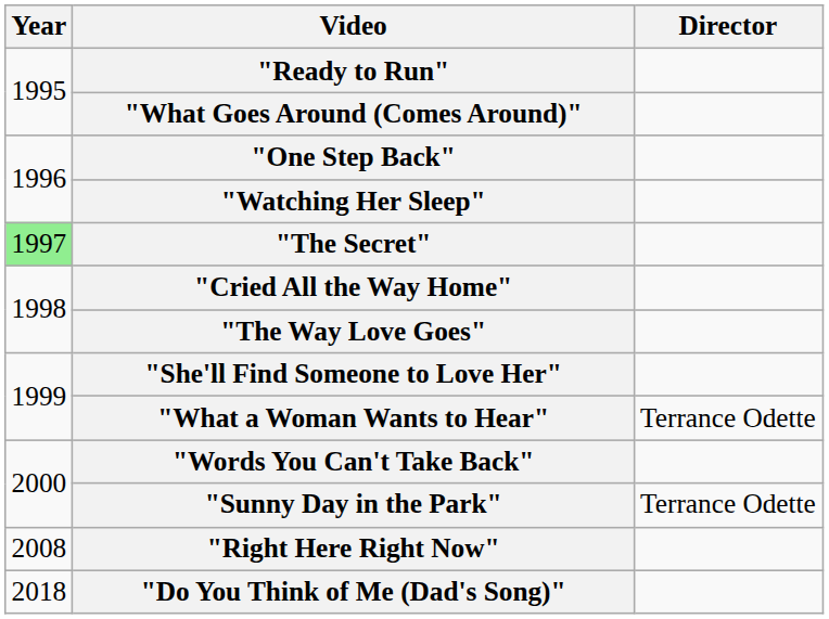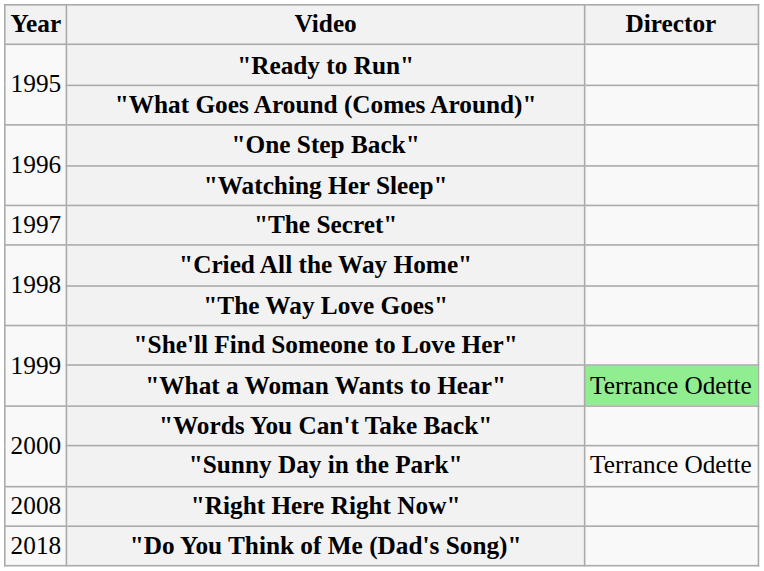 <table class="wikitable plainrowheaders">
 <tr>
 <th>Year</th>
 <th style="width:20em;">Video</th>
 <th>Director</th>
 </tr>
 <tr>
 <td rowspan="2">1995</td>
 <th scope="row">"Ready to Run"</th>
 <td></td>
 </tr>
 <tr>
 <th scope="row">"What Goes Around (Comes Around)"</th>
 <td></td>
 </tr>
 <tr>
 <td rowspan="2">1996</td>
 <th scope="row">"One Step Back"</th>
 <td></td>
 </tr>
 <tr>
 <th scope="row">"Watching Her Sleep"</th>
 <td></td>
 </tr>
 <tr>
-<td style="background: lightgreen;">1997</td>
+<td>1997</td>
 <th scope="row">"The Secret"</th>
 <td></td>
 </tr>
 <tr>
 <td rowspan="2">1998</td>
 <th scope="row">"Cried All the Way Home"</th>
 <td></td>
 </tr>
 <tr>
 <th scope="row">"The Way Love Goes"</th>
 <td></td>
 </tr>
 <tr>
 <td rowspan="2">1999</td>
 <th scope="row">"She'll Find Someone to Love Her"</th>
 <td></td>
 </tr>
 <tr>
 <th scope="row">"What a Woman Wants to Hear"</th>
-<td>Terrance Odette</td>
+<td style="background: lightgreen;">Terrance Odette</td>
 </tr>
 <tr>
 <td rowspan="2">2000</td>
 <th scope="row">"Words You Can't Take Back"</th>
 <td></td>
 </tr>
 <tr>
 <th scope="row">"Sunny Day in the Park"</th>
 <td>Terrance Odette</td>
 </tr>
 <tr>
 <td>2008</td>
 <th scope="row">"Right Here Right Now"</th>
 <td></td>
 </tr>
 <tr>
 <td>2018</td>
 <th scope="row">"Do You Think of Me (Dad's Song)"</th>
 <td></td>
 </tr>
 </table>
